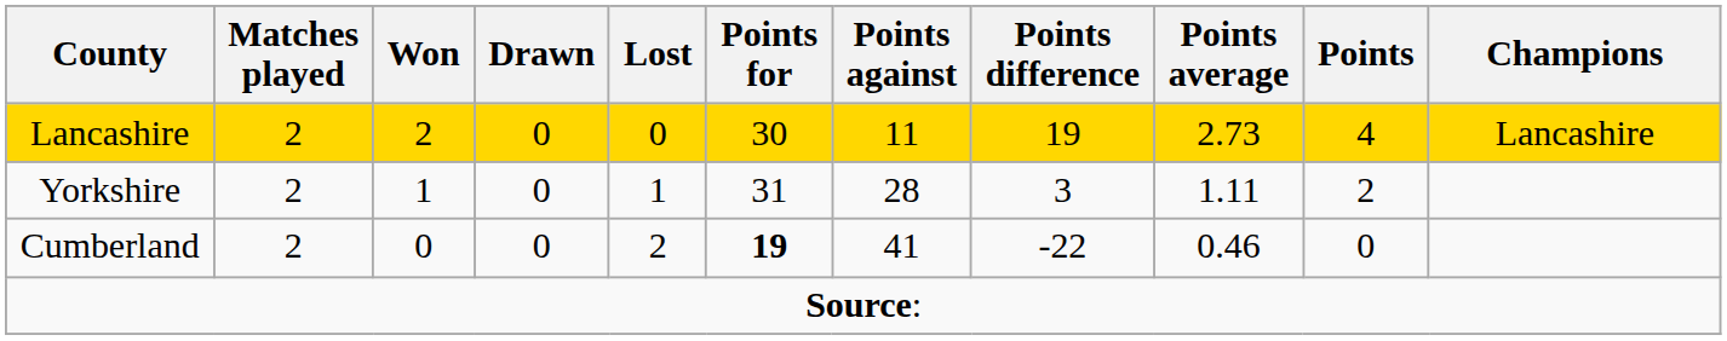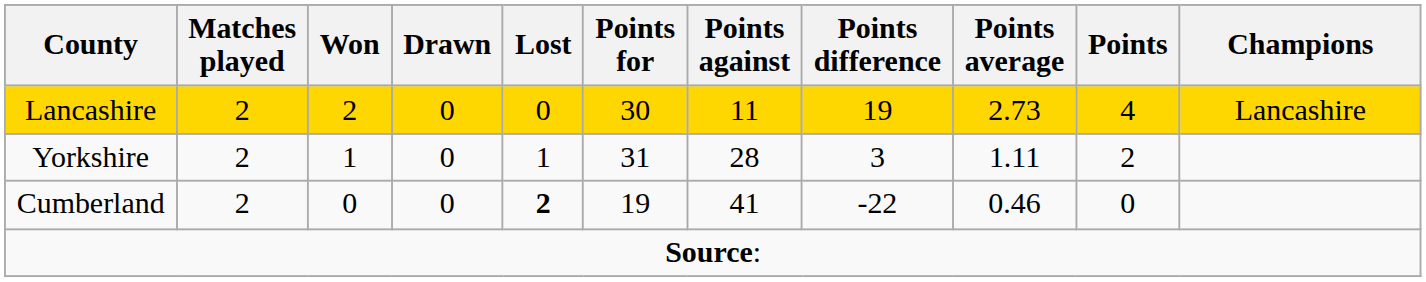 <table class="wikitable plainrowheaders" style="text-align: center; width: 60%">
 <tr>
 <th scope="col" style="width: 5%;">County</th>
 <th scope="col" style="width: 5%;">Matches played</th>
 <th scope="col" style="width: 5%;">Won</th>
 <th scope="col" style="width: 5%;">Drawn</th>
 <th scope="col" style="width: 5%;">Lost</th>
 <th scope="col" style="width: 5%;">Points for</th>
 <th scope="col" style="width: 5%;">Points against</th>
 <th scope="col" style="width: 5%;">Points difference</th>
 <th scope="col" style="width: 5%;">Points average</th>
 <th scope="col" style="width: 5%;">Points</th>
 <th scope="col" style="width: 15%;">Champions</th>
 </tr>
 <tr style="background: gold;">
 <td>Lancashire</td>
 <td>2</td>
 <td>2</td>
 <td>0</td>
 <td>0</td>
 <td>30</td>
 <td>11</td>
 <td>19</td>
 <td>2.73</td>
 <td>4</td>
 <td>Lancashire</td>
 </tr>
 <tr>
 <td>Yorkshire</td>
 <td>2</td>
 <td>1</td>
 <td>0</td>
 <td>1</td>
 <td>31</td>
 <td>28</td>
 <td>3</td>
 <td>1.11</td>
 <td>2</td>
 <td></td>
 </tr>
 <tr>
 <td>Cumberland</td>
 <td>2</td>
 <td>0</td>
 <td>0</td>
-<td>2</td>
-<td><strong>19</strong></td>
+<td><strong>2</strong></td>
+<td>19</td>
 <td>41</td>
 <td>-22</td>
 <td>0.46</td>
 <td>0</td>
 <td></td>
 </tr>
 <tr>
 <td colspan="11"><strong>Source</strong>:</td>
 </tr>
 </table>
